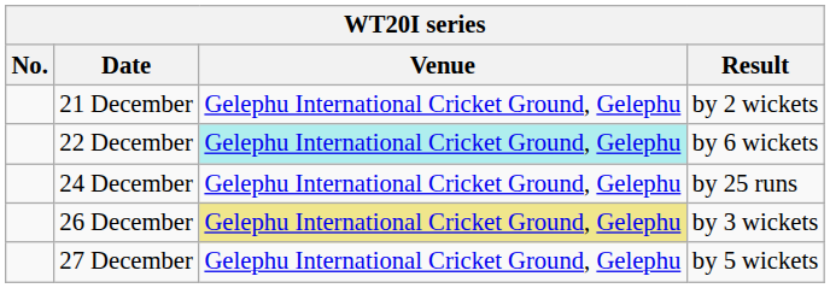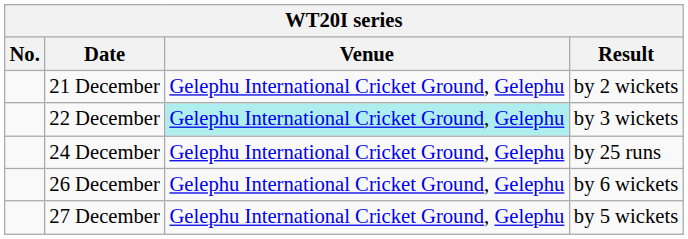 <table class="wikitable">
 <tr>
 <th colspan="5">WT20I series</th>
 </tr>
 <tr>
 <th>No.</th>
 <th>Date</th>
 <th>Venue</th>
 <th>Result</th>
 </tr>
 <tr>
 <td></td>
 <td>21 December</td>
 <td><a href='#'>Gelephu International Cricket Ground</a>, <a href='#'>Gelephu</a></td>
 <td> by 2 wickets</td>
 </tr>
 <tr>
 <td></td>
 <td>22 December</td>
 <td style="background: paleturquoise;"><a href='#'>Gelephu International Cricket Ground</a>, <a href='#'>Gelephu</a></td>
-<td> by 6 wickets</td>
+<td> by 3 wickets</td>
 </tr>
 <tr>
 <td></td>
 <td>24 December</td>
 <td><a href='#'>Gelephu International Cricket Ground</a>, <a href='#'>Gelephu</a></td>
 <td> by 25 runs</td>
 </tr>
 <tr>
 <td></td>
 <td>26 December</td>
-<td style="background: khaki;"><a href='#'>Gelephu International Cricket Ground</a>, <a href='#'>Gelephu</a></td>
-<td> by 3 wickets</td>
+<td><a href='#'>Gelephu International Cricket Ground</a>, <a href='#'>Gelephu</a></td>
+<td> by 6 wickets</td>
 </tr>
 <tr>
 <td></td>
 <td>27 December</td>
 <td><a href='#'>Gelephu International Cricket Ground</a>, <a href='#'>Gelephu</a></td>
 <td> by 5 wickets</td>
 </tr>
 </table>
